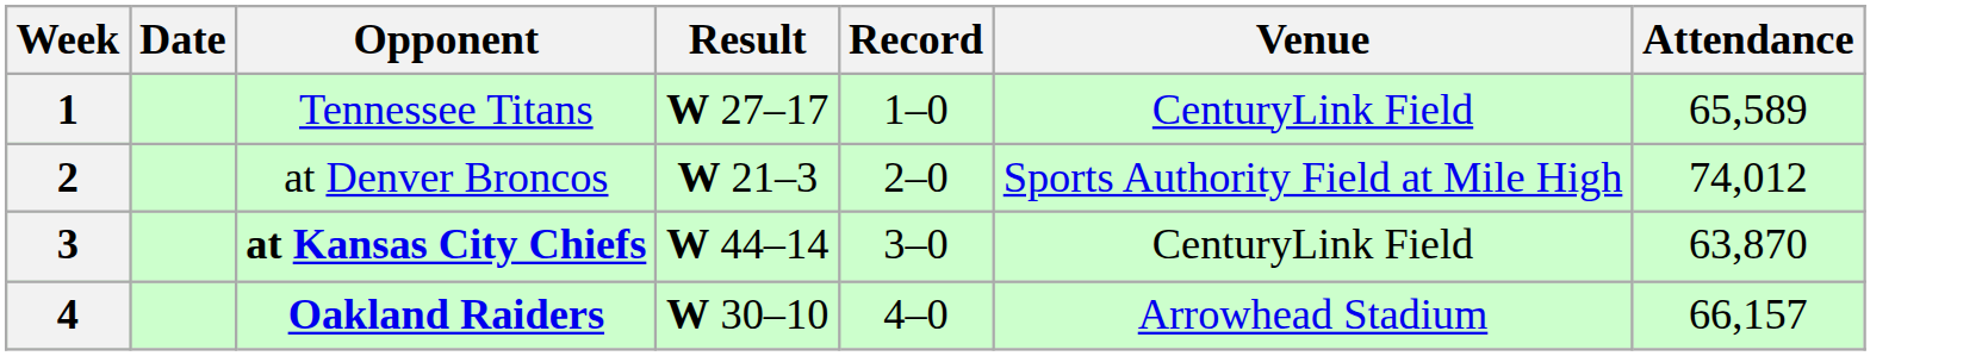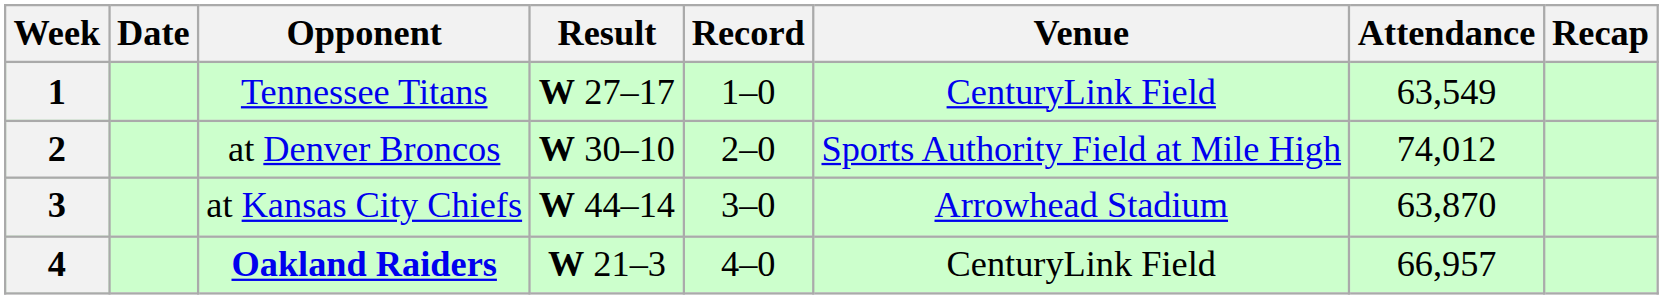 <table class="wikitable" style="text-align:center">
 <tr>
 <th>Week</th>
 <th>Date</th>
 <th>Opponent</th>
 <th>Result</th>
 <th>Record</th>
 <th>Venue</th>
 <th>Attendance</th>
+<th>Recap</th>
 </tr>
 <tr style="background:#cfc">
 <th>1</th>
 <td></td>
 <td><a href='#'>Tennessee Titans</a></td>
 <td><strong>W</strong> 27–17</td>
 <td>1–0</td>
 <td><a href='#'>CenturyLink Field</a></td>
-<td>65,589</td>
+<td>63,549</td>
+<td></td>
 </tr>
 <tr style="background:#cfc">
 <th>2</th>
 <td></td>
 <td>at <a href='#'>Denver Broncos</a></td>
-<td><strong>W</strong> 21–3</td>
+<td><strong>W</strong> 30–10</td>
 <td>2–0</td>
 <td><a href='#'>Sports Authority Field at Mile High</a></td>
 <td>74,012</td>
+<td></td>
 </tr>
 <tr style="background:#cfc">
 <th>3</th>
 <td></td>
-<td><strong>at <a href='#'>Kansas City Chiefs</a></strong></td>
+<td>at <a href='#'>Kansas City Chiefs</a></td>
 <td><strong>W</strong> 44–14</td>
 <td>3–0</td>
-<td>CenturyLink Field</td>
+<td><a href='#'>Arrowhead Stadium</a></td>
 <td>63,870</td>
+<td></td>
 </tr>
 <tr style="background:#cfc">
 <th>4</th>
 <td></td>
 <td><strong><a href='#'>Oakland Raiders</a></strong></td>
-<td><strong>W</strong> 30–10</td>
+<td><strong>W</strong> 21–3</td>
 <td>4–0</td>
-<td><a href='#'>Arrowhead Stadium</a></td>
-<td>66,157</td>
+<td>CenturyLink Field</td>
+<td>66,957</td>
+<td></td>
 </tr>
 </table>
